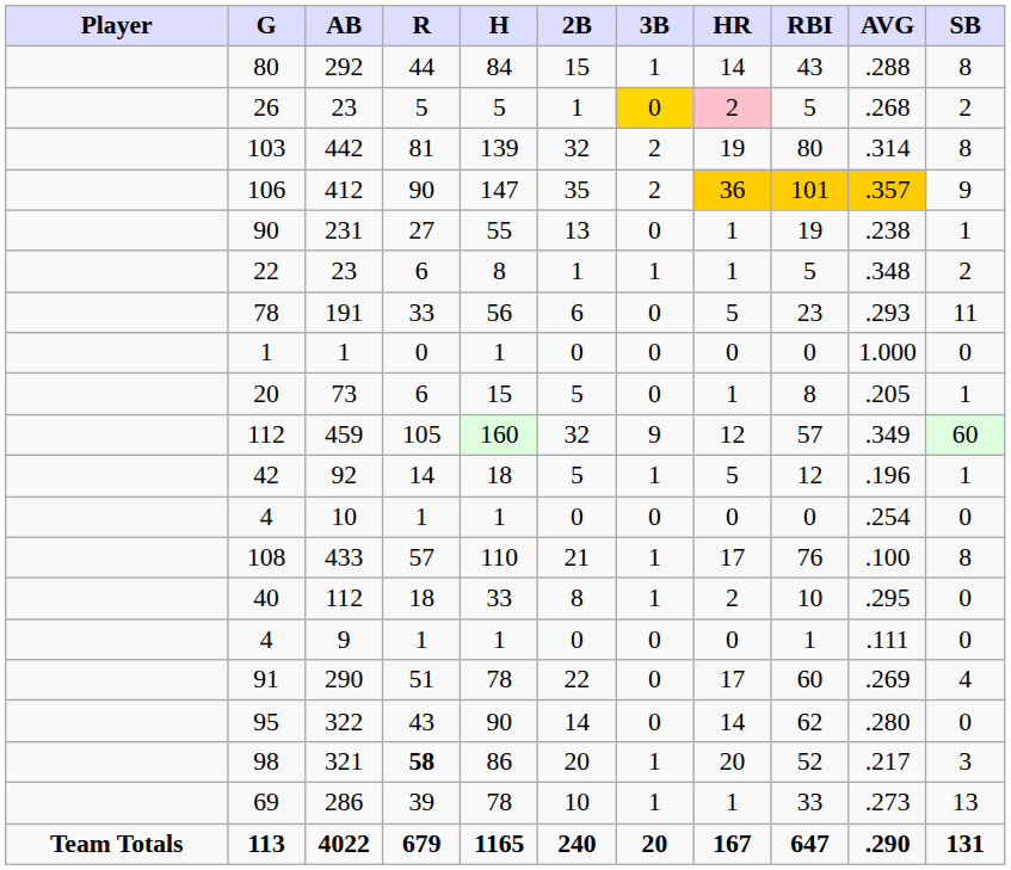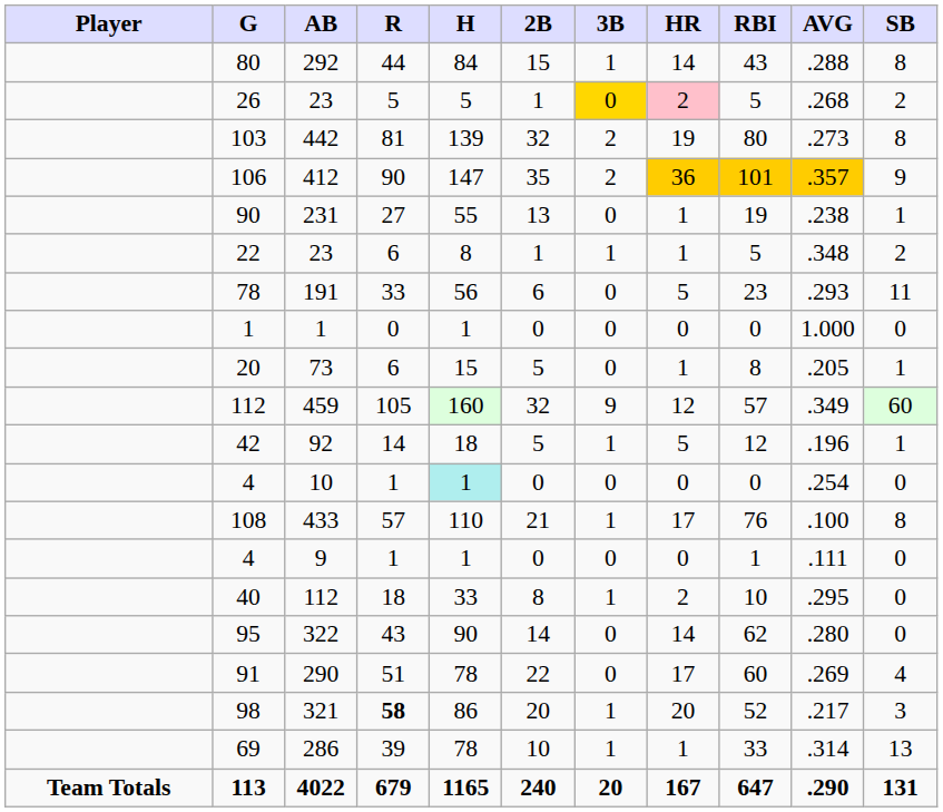 <table class="wikitable" style="text-align:center;">
 <tr>
 <th style="background:#ddf; width:20%;"><strong>Player</strong></th>
 <th style="background:#ddf; width:7%;"><strong>G</strong></th>
 <th style="background:#ddf; width:7%;"><strong>AB</strong></th>
 <th style="background:#ddf; width:7%;"><strong>R</strong></th>
 <th style="background:#ddf; width:7%;"><strong>H</strong></th>
 <th style="background:#ddf; width:7%;"><strong>2B</strong></th>
 <th style="background:#ddf; width:7%;"><strong>3B</strong></th>
 <th style="background:#ddf; width:7%;"><strong>HR</strong></th>
 <th style="background:#ddf; width:7%;"><strong>RBI</strong></th>
 <th style="background:#ddf; width:7%;"><strong>AVG</strong></th>
 <th style="background:#ddf; width:7%;"><strong>SB</strong></th>
 </tr>
 <tr>
 <td align=left></td>
 <td>80</td>
 <td>292</td>
 <td>44</td>
 <td>84</td>
 <td>15</td>
 <td>1</td>
 <td>14</td>
 <td>43</td>
 <td>.288</td>
 <td>8</td>
 </tr>
 <tr>
 <td align=left></td>
 <td>26</td>
 <td>23</td>
 <td>5</td>
 <td>5</td>
 <td>1</td>
 <td style="background: gold;">0</td>
 <td style="background: pink;">2</td>
 <td>5</td>
 <td>.268</td>
 <td>2</td>
 </tr>
 <tr>
 <td align=left></td>
 <td>103</td>
 <td>442</td>
 <td>81</td>
 <td>139</td>
 <td>32</td>
 <td>2</td>
 <td>19</td>
 <td>80</td>
-<td>.314</td>
+<td>.273</td>
 <td>8</td>
 </tr>
 <tr>
 <td align=left></td>
 <td>106</td>
 <td>412</td>
 <td>90</td>
 <td>147</td>
 <td>35</td>
 <td>2</td>
 <td style="background:#fc0;">36</td>
 <td style="background:#fc0;">101</td>
 <td style="background:#fc0;">.357</td>
 <td>9</td>
 </tr>
 <tr>
 <td align=left></td>
 <td>90</td>
 <td>231</td>
 <td>27</td>
 <td>55</td>
 <td>13</td>
 <td>0</td>
 <td>1</td>
 <td>19</td>
 <td>.238</td>
 <td>1</td>
 </tr>
 <tr>
 <td align=left></td>
 <td>22</td>
 <td>23</td>
 <td>6</td>
 <td>8</td>
 <td>1</td>
 <td>1</td>
 <td>1</td>
 <td>5</td>
 <td>.348</td>
 <td>2</td>
 </tr>
 <tr>
 <td align=left></td>
 <td>78</td>
 <td>191</td>
 <td>33</td>
 <td>56</td>
 <td>6</td>
 <td>0</td>
 <td>5</td>
 <td>23</td>
 <td>.293</td>
 <td>11</td>
 </tr>
 <tr>
 <td align=left></td>
 <td>1</td>
 <td>1</td>
 <td>0</td>
 <td>1</td>
 <td>0</td>
 <td>0</td>
 <td>0</td>
 <td>0</td>
 <td>1.000</td>
 <td>0</td>
 </tr>
 <tr>
 <td align=left></td>
 <td>20</td>
 <td>73</td>
 <td>6</td>
 <td>15</td>
 <td>5</td>
 <td>0</td>
 <td>1</td>
 <td>8</td>
 <td>.205</td>
 <td>1</td>
 </tr>
 <tr>
 <td align=left></td>
 <td>112</td>
 <td>459</td>
 <td>105</td>
 <td style="background:#DDFFDD;">160</td>
 <td>32</td>
 <td>9</td>
 <td>12</td>
 <td>57</td>
 <td>.349</td>
 <td style="background:#DDFFDD;">60</td>
 </tr>
 <tr>
 <td align=left></td>
 <td>42</td>
 <td>92</td>
 <td>14</td>
 <td>18</td>
 <td>5</td>
 <td>1</td>
 <td>5</td>
 <td>12</td>
 <td>.196</td>
 <td>1</td>
 </tr>
 <tr>
 <td align=left></td>
 <td>4</td>
 <td>10</td>
 <td>1</td>
-<td>1</td>
+<td style="background: paleturquoise;">1</td>
 <td>0</td>
 <td>0</td>
 <td>0</td>
 <td>0</td>
 <td>.254</td>
 <td>0</td>
 </tr>
 <tr>
 <td align=left></td>
 <td>108</td>
 <td>433</td>
 <td>57</td>
 <td>110</td>
 <td>21</td>
 <td>1</td>
 <td>17</td>
 <td>76</td>
 <td>.100</td>
 <td>8</td>
 </tr>
 <tr>
 <td align=left></td>
+<td>4</td>
+<td>9</td>
+<td>1</td>
+<td>1</td>
+<td>0</td>
+<td>0</td>
+<td>0</td>
+<td>1</td>
+<td>.111</td>
+<td>0</td>
+</tr>
+<tr>
+<td align=left></td>
 <td>40</td>
 <td>112</td>
 <td>18</td>
 <td>33</td>
 <td>8</td>
 <td>1</td>
 <td>2</td>
 <td>10</td>
 <td>.295</td>
 <td>0</td>
 </tr>
 <tr>
 <td align=left></td>
-<td>4</td>
-<td>9</td>
-<td>1</td>
-<td>1</td>
+<td>95</td>
+<td>322</td>
+<td>43</td>
+<td>90</td>
+<td>14</td>
 <td>0</td>
-<td>0</td>
-<td>0</td>
-<td>1</td>
-<td>.111</td>
+<td>14</td>
+<td>62</td>
+<td>.280</td>
 <td>0</td>
 </tr>
 <tr>
 <td align=left></td>
 <td>91</td>
 <td>290</td>
 <td>51</td>
 <td>78</td>
 <td>22</td>
 <td>0</td>
 <td>17</td>
 <td>60</td>
 <td>.269</td>
 <td>4</td>
-</tr>
-<tr>
-<td align=left></td>
-<td>95</td>
-<td>322</td>
-<td>43</td>
-<td>90</td>
-<td>14</td>
-<td>0</td>
-<td>14</td>
-<td>62</td>
-<td>.280</td>
-<td>0</td>
 </tr>
 <tr>
 <td align=left></td>
 <td>98</td>
 <td>321</td>
 <td><strong>58</strong></td>
 <td>86</td>
 <td>20</td>
 <td>1</td>
 <td>20</td>
 <td>52</td>
 <td>.217</td>
 <td>3</td>
 </tr>
 <tr>
 <td align=left></td>
 <td>69</td>
 <td>286</td>
 <td>39</td>
 <td>78</td>
 <td>10</td>
 <td>1</td>
 <td>1</td>
 <td>33</td>
-<td>.273</td>
+<td>.314</td>
 <td>13</td>
 </tr>
 <tr class="sortbottom">
 <td><strong>Team Totals</strong></td>
 <td><strong>113</strong></td>
 <td><strong>4022</strong></td>
 <td><strong>679</strong></td>
 <td><strong>1165</strong></td>
 <td><strong>240</strong></td>
 <td><strong>20</strong></td>
 <td><strong>167</strong></td>
 <td><strong>647</strong></td>
 <td><strong>.290</strong></td>
 <td><strong>131</strong></td>
 </tr>
 </table>
